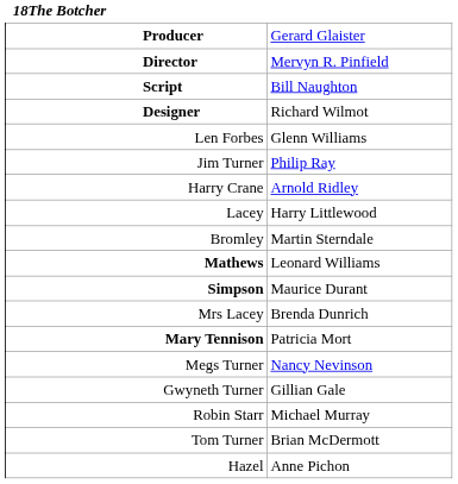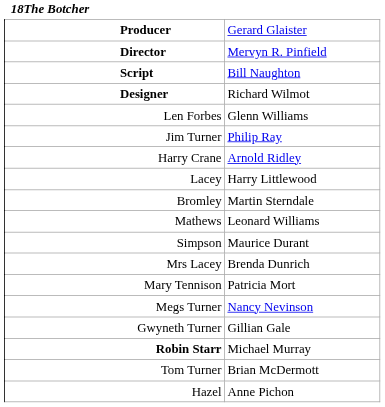 <table class="wikitable mw-collapsible mw-collapsed" style="vertical-align:top;margin:auto 2em;line-height:1.2;min-width:33em;display: inline-table;background-color:inherit;border:none;">
 <tr>
 <td class=unsortable style="border:hidden;line-height:1.67;text-align:center;margin-left:-1em;padding-left:0.5em;min-width:1.0em;"></td>
 <td class=unsortable style="border:none;padding-left:0.5em;text-align:left;min-width:16.5em;font-weight:700;font-style:italic;">18The Botcher</td>
 <td class=unsortable style="border:none;text-align:right;font-weight:normal;font-family:Courier;font-size:95%;letter-spacing:-1pt;min-width:8.5em;padding-right:0.2em;"></td>
 <td class=unsortable style="border:hidden;min-width:3.5em;padding-left:0;"></td>
 <td class=unsortable style="border:hidden;min-width:3.5em;font-size:95%;"></td>
 </tr>
 <tr>
 <td rowspan=100 style="border:none thin;border-right-style :solid;"></td>
 </tr>
 <tr>
 <td style="text-align:left;padding-left:9.0em;font-weight:bold;">Producer</td>
 <td colspan=2><a href='#'>Gerard Glaister</a></td>
 </tr>
 <tr>
 <td style="text-align:left;padding-left:9.0em;font-weight:bold;">Director</td>
 <td colspan=2><a href='#'>Mervyn R. Pinfield</a></td>
 </tr>
 <tr>
 <td style="text-align:left;padding-left:9.0em;font-weight:bold;">Script</td>
 <td colspan=2><a href='#'>Bill Naughton</a></td>
 </tr>
 <tr>
 <td style="text-align:left;padding-left:9.0em;font-weight:bold;">Designer</td>
 <td colspan=2>Richard Wilmot</td>
 </tr>
 <tr>
 <td style="text-align:right;">Len Forbes</td>
 <td colspan=2>Glenn Williams</td>
 </tr>
 <tr>
 <td style="text-align:right;">Jim Turner</td>
 <td colspan=2><a href='#'>Philip Ray</a></td>
 </tr>
 <tr>
 <td style="text-align:right;">Harry Crane</td>
 <td colspan=2><a href='#'>Arnold Ridley</a></td>
 </tr>
 <tr>
 <td style="text-align:right;">Lacey</td>
 <td colspan=2>Harry Littlewood</td>
 </tr>
 <tr>
 <td style="text-align:right;">Bromley</td>
 <td colspan=2>Martin Sterndale</td>
 </tr>
 <tr>
-<td style="text-align:right;"><strong>Mathews</strong></td>
+<td style="text-align:right;">Mathews</td>
 <td colspan=2>Leonard Williams</td>
 </tr>
 <tr>
-<td style="text-align:right;"><strong>Simpson</strong></td>
+<td style="text-align:right;">Simpson</td>
 <td colspan=2>Maurice Durant</td>
 </tr>
 <tr>
 <td style="text-align:right;">Mrs Lacey</td>
 <td colspan=2>Brenda Dunrich</td>
 </tr>
 <tr>
-<td style="text-align:right;"><strong>Mary Tennison</strong></td>
+<td style="text-align:right;">Mary Tennison</td>
 <td colspan=2>Patricia Mort</td>
 </tr>
 <tr>
 <td style="text-align:right;">Megs Turner</td>
 <td colspan=2><a href='#'>Nancy Nevinson</a></td>
 </tr>
 <tr>
 <td style="text-align:right;">Gwyneth Turner</td>
 <td colspan=2>Gillian Gale</td>
 </tr>
 <tr>
-<td style="text-align:right;">Robin Starr</td>
+<td style="text-align:right;"><strong>Robin Starr</strong></td>
 <td colspan=2>Michael Murray</td>
 </tr>
 <tr>
 <td style="text-align:right;">Tom Turner</td>
 <td colspan=2>Brian McDermott</td>
 </tr>
 <tr>
 <td style="text-align:right;">Hazel</td>
 <td colspan=2>Anne Pichon</td>
 </tr>
 </table>
